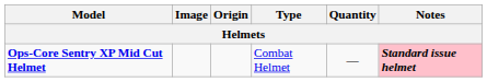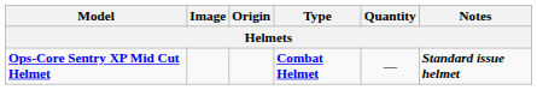 <table class="wikitable" style="width:100%;">
 <tr>
 <th>Model</th>
 <th>Image</th>
 <th>Origin</th>
 <th>Type</th>
 <th>Quantity</th>
 <th>Notes</th>
 </tr>
 <tr>
 <th colspan="6">Helmets</th>
 </tr>
 <tr>
 <td><strong><a href='#'>Ops-Core Sentry XP Mid Cut Helmet</a></strong></td>
 <td></td>
 <td><small></small></td>
-<td><a href='#'>Combat Helmet</a></td>
+<td><strong><a href='#'>Combat Helmet</a></strong></td>
 <td style="text-align: center;">—</td>
-<td style="background: pink;"><strong><em>Standard issue helmet</em></strong></td>
+<td><strong><em>Standard issue helmet</em></strong></td>
 </tr>
 </table>
